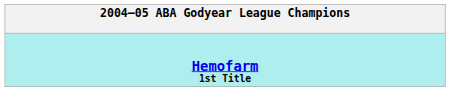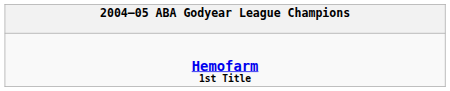 <table class="wikitable" style="margin: 0 auto; width: 30%;">
 <tr>
 <th><big>2004–05 ABA Godyear League Champions</big><br><br></th>
 </tr>
 <tr>
-<td align=center style="background: paleturquoise;"><br><br><big><big><strong><a href='#'>Hemofarm</a></strong><br></big></big><strong>1st Title</strong></td>
+<td align=center><br><br><big><big><strong><a href='#'>Hemofarm</a></strong><br></big></big><strong>1st Title</strong></td>
 </tr>
 </table>
